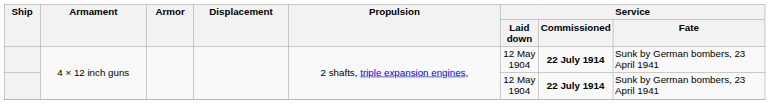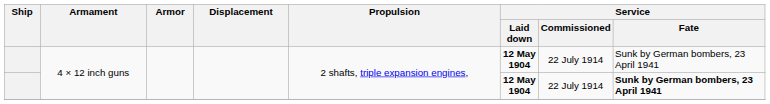 <table class="wikitable plainrowheaders">
 <tr valign="top"|- valign="top">
 <th align= center scope=col rowspan=2>Ship</th>
 <th align= center scope=col rowspan=2>Armament</th>
 <th align= center scope=col rowspan=2>Armor</th>
 <th align= center scope=col rowspan=2>Displacement</th>
 <th align= center scope=col rowspan=2>Propulsion</th>
 <th align= center scope=col colspan=3>Service</th>
 </tr>
 <tr valign="top">
 <th width=5%; align= center scope=col>Laid down</th>
 <th width=5%; align= center scope=col>Commissioned</th>
 <th width=20%; align= center scope=col>Fate</th>
 </tr>
 <tr valign="center">
 <th scope=row align= left></th>
 <td align= center rowspan=2>4 × 12 inch guns</td>
 <td align= center rowspan=2></td>
 <td align= center rowspan=2></td>
 <td align= center rowspan=2>2 shafts, <a href='#'>triple expansion engines</a>, </td>
-<td align= center>12 May 1904</td>
-<td align= center><strong>22 July 1914</strong></td>
+<td align= center><strong>12 May 1904</strong></td>
+<td align= center>22 July 1914</td>
 <td align= left>Sunk by German bombers, 23 April 1941</td>
 </tr>
 <tr valign="center">
 <th scope=row align= left></th>
-<td align= center>12 May 1904</td>
-<td align= center><strong>22 July 1914</strong></td>
-<td align= left>Sunk by German bombers, 23 April 1941</td>
+<td align= center><strong>12 May 1904</strong></td>
+<td align= center>22 July 1914</td>
+<td align= left><strong>Sunk by German bombers, 23 April 1941</strong></td>
 </tr>
 <tr valign="center">
 </tr>
 <tr>
 </tr>
 </table>
